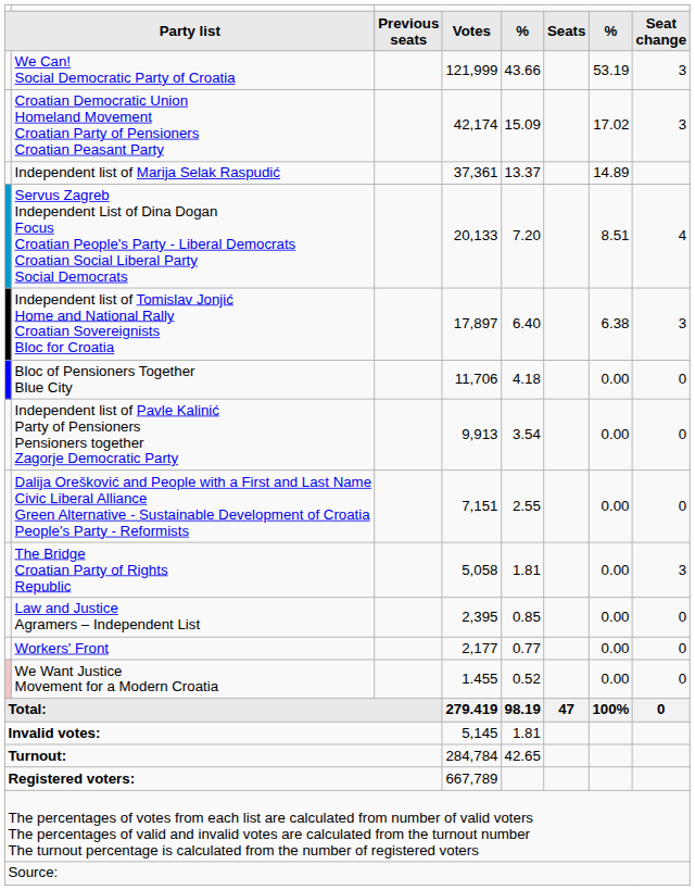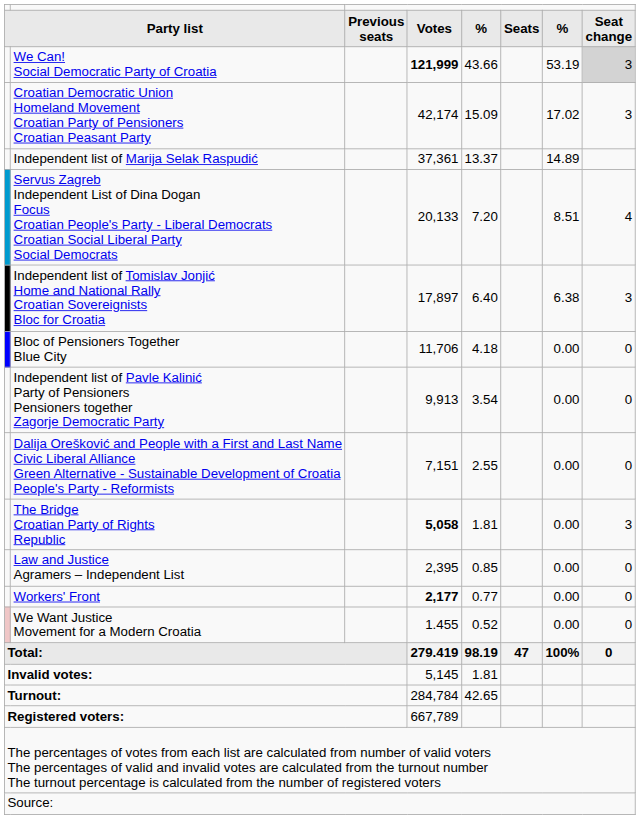 <table class="wikitable" border="1">
 <tr>
 <td></td>
 <td></td>
 </tr>
 <tr style="background-color:#C9C9C9">
 <th style="background-color:#E9E9E9" align= center colspan="2">Party list</th>
 <th style="background-color:#E9E9E9" align= center>Previous<br>seats</th>
 <th style="background-color:#E9E9E9" align= center>Votes</th>
 <th style="background-color:#E9E9E9" align= center>%</th>
 <th style="background-color:#E9E9E9" align= center>Seats</th>
 <th style="background-color:#E9E9E9" align= center>%</th>
 <th style="background-color:#E9E9E9" align= center>Seat<br>change</th>
 </tr>
 <tr>
 <td bgcolor= ></td>
 <td align = left><a href='#'>We Can!</a> <br> <a href='#'>Social Democratic Party of Croatia</a></td>
 <td align = left></td>
-<td align = right>121,999</td>
+<td align = right><strong>121,999</strong></td>
 <td align = right>43.66</td>
 <td align = left></td>
 <td align = right>53.19</td>
-<td align = right> 3</td>
+<td align = right style="background: lightgrey;"> 3</td>
 </tr>
 <tr>
 <td bgcolor= ></td>
 <td align = left><a href='#'>Croatian Democratic Union</a> <br><a href='#'>Homeland Movement</a> <br> <a href='#'>Croatian Party of Pensioners</a> <br> <a href='#'>Croatian Peasant Party</a></td>
 <td align = left></td>
 <td align = right>42,174</td>
 <td align = right>15.09</td>
 <td align = left></td>
 <td align = right>17.02</td>
 <td align = right> 3</td>
 </tr>
 <tr>
 <td></td>
 <td align="left">Independent list of <a href='#'>Marija Selak Raspudić</a></td>
 <td align="left"></td>
 <td align="right">37,361</td>
 <td align="right">13.37</td>
 <td align="left"></td>
 <td align="right">14.89</td>
 <td align="right"></td>
 </tr>
 <tr>
 <td bgcolor=#009bcf></td>
 <td align="left"><a href='#'>Servus Zagreb</a> <br> Independent List of Dina Dogan <br> <a href='#'>Focus</a> <br> <a href='#'>Croatian People's Party - Liberal Democrats</a> <br> <a href='#'>Croatian Social Liberal Party</a> <br> <a href='#'>Social Democrats</a></td>
 <td align="left"></td>
 <td align="right">20,133</td>
 <td align="right">7.20</td>
 <td align="left"></td>
 <td align="right">8.51</td>
 <td align="right"> 4</td>
 </tr>
 <tr>
 <td bgcolor=black></td>
 <td align="left">Independent list of <a href='#'>Tomislav Jonjić</a> <br> <a href='#'>Home and National Rally</a> <br> <a href='#'>Croatian Sovereignists</a> <br> <a href='#'>Bloc for Croatia</a></td>
 <td align="left"></td>
 <td align="right">17,897</td>
 <td align="right">6.40</td>
 <td align="left"></td>
 <td align="right">6.38</td>
 <td align="right"> 3</td>
 </tr>
 <tr>
 <td bgcolor="blue"></td>
 <td align="left">Bloc of Pensioners Together <br> Blue City</td>
 <td align="left"></td>
 <td align="right">11,706</td>
 <td align="right">4.18</td>
 <td align="left"></td>
 <td align="right">0.00</td>
 <td align="right"> 0</td>
 </tr>
 <tr>
 <td></td>
 <td align = left>Independent list of <a href='#'>Pavle Kalinić</a> <br> Party of Pensioners <br> Pensioners together <br> <a href='#'>Zagorje Democratic Party</a></td>
 <td align = left></td>
 <td align = right>9,913</td>
 <td align = right>3.54</td>
 <td align = left></td>
 <td align = right>0.00</td>
 <td align = right> 0</td>
 </tr>
 <tr>
 <td></td>
 <td align="left"><a href='#'>Dalija Orešković and People with a First and Last Name</a> <br> <a href='#'>Civic Liberal Alliance</a> <br> <a href='#'>Green Alternative - Sustainable Development of Croatia</a> <br> <a href='#'>People's Party - Reformists</a></td>
 <td align="left"></td>
 <td align="right">7,151</td>
 <td align="right">2.55</td>
 <td align="left"></td>
 <td align="right">0.00</td>
 <td align="right"> 0</td>
 </tr>
 <tr>
 <td></td>
 <td align="left"><a href='#'>The Bridge</a> <br> <a href='#'>Croatian Party of Rights</a> <br> <a href='#'>Republic</a></td>
 <td align="left"></td>
-<td align="right">5,058</td>
+<td align="right"><strong>5,058</strong></td>
 <td align="right">1.81</td>
 <td align="left"></td>
 <td align="right">0.00</td>
 <td align="right"> 3</td>
 </tr>
 <tr>
 <td></td>
 <td align="left"><a href='#'>Law and Justice</a> <br> Agramers – Independent List</td>
 <td align="left"></td>
 <td align="right">2,395</td>
 <td align="right">0.85</td>
 <td align="left"></td>
 <td align="right">0.00</td>
 <td align="right"> 0</td>
 </tr>
 <tr>
 <td></td>
 <td align="left"><a href='#'>Workers' Front</a></td>
 <td align="left"></td>
-<td align="right">2,177</td>
+<td align="right"><strong>2,177</strong></td>
 <td align="right">0.77</td>
 <td align="left"></td>
 <td align="right">0.00</td>
 <td align="right"> 0</td>
 </tr>
 <tr>
 <td bgcolor="#f0c7c7"></td>
 <td align="left">We Want Justice <br> Movement for a Modern Croatia</td>
 <td align="left"></td>
 <td align="right">1.455</td>
 <td align="right">0.52</td>
 <td align="left"></td>
 <td align="right">0.00</td>
 <td align="right"> 0</td>
 </tr>
 <tr style="background-color:#E9E9E9">
 <td colspan="3" align="left"><strong>Total:</strong></td>
 <th align="right">279.419</th>
 <th align="right">98.19</th>
 <th align="right">47</th>
 <th align="right">100%</th>
 <th align="right"> 0</th>
 </tr>
 <tr>
 <td colspan="3" align="left"><strong>Invalid votes:</strong></td>
 <td align="right">5,145</td>
 <td align="right">1.81</td>
 <td align="right"></td>
 <td align="right"></td>
 <td align="right"></td>
 </tr>
 <tr>
 <td colspan="3" align="left"><strong>Turnout:</strong></td>
 <td align="right">284,784</td>
 <td align="right">42.65</td>
 <td align="right"></td>
 <td align="right"></td>
 <td align="right"></td>
 </tr>
 <tr>
 <td colspan="3" align="left"><strong>Registered voters:</strong></td>
 <td align="right">667,789</td>
 <td align="right"></td>
 <td align="right"></td>
 <td align="right"></td>
 <td align="right"></td>
 </tr>
 <tr>
 <td align=left colspan=8><br>The percentages of votes from each list are calculated from number of valid voters<br> The percentages of valid and invalid votes are calculated from the turnout number<br> The turnout percentage is calculated from the number of registered voters</td>
 </tr>
 <tr>
 <td align=left colspan=8>Source: </td>
 </tr>
 </table>
